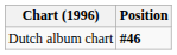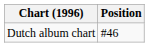 <table class="wikitable">
 <tr>
 <th bgcolor=#ebf5ff>Chart (1996)</th>
 <th bgcolor=#ebf5ff>Position</th>
 </tr>
 <tr>
 <td>Dutch album chart</td>
-<td><strong>#46</strong></td>
+<td>#46</td>
 </tr>
 </table>
